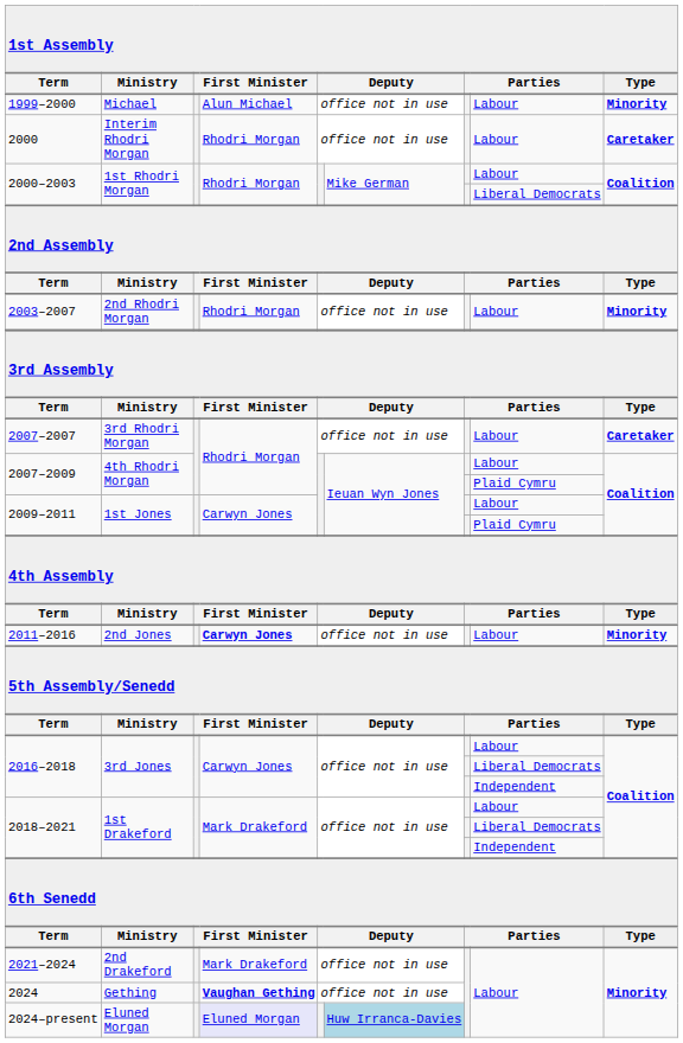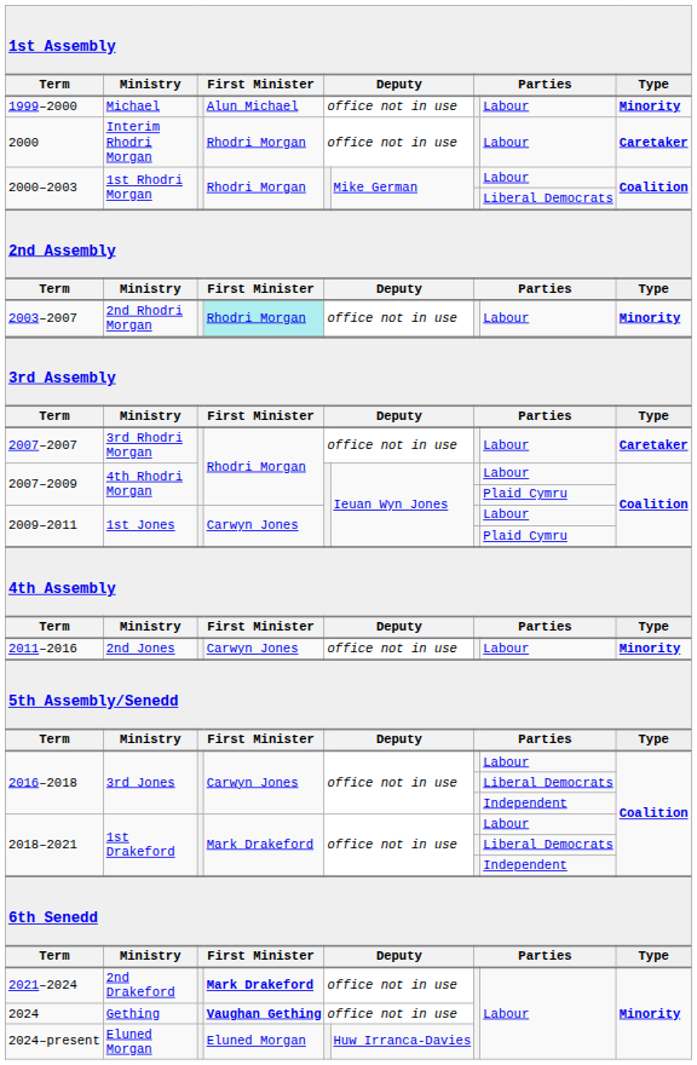 <table class="wikitable">
 <tr style="text-align: left; background: #efefef; border-bottom: 2px solid gray;">
 <td colspan="9"><br><h3><a href='#'>1st Assembly</a></h3></td>
 </tr>
 <tr style="text-align: center; background: #efefef; border-bottom: 2px solid gray;">
 <th>Term</th>
 <th style="width: 90px">Ministry</th>
 <th colspan="2">First Minister</th>
 <th colspan="2">Deputy</th>
 <th colspan="2">Parties</th>
 <td><strong>Type</strong></td>
 </tr>
 <tr>
 <td><a href='#'>1999</a>–2000</td>
 <td><a href='#'>Michael</a></td>
 <th style="background-color: "></th>
 <td><a href='#'>Alun Michael</a></td>
 <td colspan="2" style="background-color: white"><em>office not in use</em></td>
 <th style="background-color: "></th>
 <td><a href='#'>Labour</a></td>
 <td><strong><a href='#'>Minority</a></strong></td>
 </tr>
 <tr>
 <td>2000</td>
 <td><a href='#'>Interim Rhodri Morgan</a></td>
 <th style="background-color: "></th>
 <td><a href='#'>Rhodri Morgan</a></td>
 <td colspan="2" style="background-color: white"><em>office not in use</em></td>
 <th style="background-color: "></th>
 <td><a href='#'>Labour</a></td>
 <td><strong><a href='#'>Caretaker</a></strong></td>
 </tr>
 <tr>
 <td rowspan="2">2000–2003</td>
 <td rowspan="2"><a href='#'>1st Rhodri Morgan</a></td>
 <th rowspan="2" style="background-color: "></th>
 <td rowspan="2"><a href='#'>Rhodri Morgan</a></td>
 <th rowspan="2" style="background-color: "></th>
 <td rowspan="2"><a href='#'>Mike German</a></td>
 <th style="background-color: "></th>
 <td><a href='#'>Labour</a></td>
 <td rowspan="2"><strong><a href='#'>Coalition</a></strong></td>
 </tr>
 <tr style="border-bottom: 2px solid gray;">
 <th style="background-color: "></th>
 <td><a href='#'>Liberal Democrats</a></td>
 </tr>
 <tr style="text-align: left; background: #efefef; border-bottom: 2px solid gray;">
 <td colspan="9"><br><h3><a href='#'>2nd Assembly</a></h3></td>
 </tr>
 <tr style="text-align: center; background: #efefef; border-bottom: 2px solid gray;">
 <th>Term</th>
 <th style="width: 90px">Ministry</th>
 <th colspan="2">First Minister</th>
 <th colspan="2">Deputy</th>
 <th colspan="2">Parties</th>
 <td><strong>Type</strong></td>
 </tr>
 <tr style="border-bottom: 2px solid gray;">
 <td><a href='#'>2003</a>–2007</td>
 <td><a href='#'>2nd Rhodri Morgan</a></td>
 <th style="background-color: "></th>
-<td><a href='#'>Rhodri Morgan</a></td>
+<td style="background: paleturquoise;"><a href='#'>Rhodri Morgan</a></td>
 <td colspan="2" style="background-color: white"><em>office not in use</em></td>
 <th style="background-color: "></th>
 <td><a href='#'>Labour</a></td>
 <td><strong><a href='#'>Minority</a></strong></td>
 </tr>
 <tr style="border-bottom: 2px solid gray;">
 </tr>
 <tr style="text-align: left; background: #efefef; border-bottom: 2px solid gray;">
 <td colspan="9"><br><h3><a href='#'>3rd Assembly</a></h3></td>
 </tr>
 <tr style="text-align: center; background: #efefef; border-bottom: 2px solid gray;">
 <th>Term</th>
 <th style="width: 90px">Ministry</th>
 <th colspan="2">First Minister</th>
 <th colspan="2">Deputy</th>
 <th colspan="2">Parties</th>
 <td><strong>Type</strong></td>
 </tr>
 <tr>
 <td><a href='#'>2007</a>–2007</td>
 <td><a href='#'>3rd Rhodri Morgan</a></td>
 <th rowspan="3" style="background-color: "></th>
 <td rowspan="3"><a href='#'>Rhodri Morgan</a></td>
 <td colspan="2" style="background-color: white"><em>office not in use</em></td>
 <th style="background-color: "></th>
 <td><a href='#'>Labour</a></td>
 <td><strong><a href='#'>Caretaker</a></strong></td>
 </tr>
 <tr>
 <td rowspan="2">2007–2009</td>
 <td rowspan="2"><a href='#'>4th Rhodri Morgan</a></td>
 <th rowspan="4" style="background-color: "></th>
 <td rowspan="4"><a href='#'>Ieuan Wyn Jones</a></td>
 <th style="background-color: "></th>
 <td><a href='#'>Labour</a></td>
 <td rowspan="4"><strong><a href='#'>Coalition</a></strong></td>
 </tr>
 <tr>
 <th style="background-color: "></th>
 <td><a href='#'>Plaid Cymru</a></td>
 </tr>
 <tr>
 <td rowspan="2">2009–2011</td>
 <td rowspan="2"><a href='#'>1st Jones</a></td>
 <th rowspan="2" style="background-color: "></th>
 <td rowspan="2"><a href='#'>Carwyn Jones</a></td>
 <th style="background-color: "></th>
 <td><a href='#'>Labour</a></td>
 </tr>
 <tr style="border-bottom: 2px solid gray;">
 <th style="background-color: "></th>
 <td><a href='#'>Plaid Cymru</a></td>
 </tr>
 <tr style="text-align: left; background: #efefef; border-bottom: 2px solid gray;">
 <td colspan="9"><br><h3><a href='#'>4th Assembly</a></h3></td>
 </tr>
 <tr style="text-align: center; background: #efefef; border-bottom: 2px solid gray;">
 <th>Term</th>
 <th style="width: 90px">Ministry</th>
 <th colspan="2">First Minister</th>
 <th colspan="2">Deputy</th>
 <th colspan="2">Parties</th>
 <td><strong>Type</strong></td>
 </tr>
 <tr style="border-bottom: 2px solid gray;">
 <td><a href='#'>2011</a>–2016</td>
 <td><a href='#'>2nd Jones</a></td>
 <th style="background-color: "></th>
-<td><strong><a href='#'>Carwyn Jones</a></strong></td>
+<td><a href='#'>Carwyn Jones</a></td>
 <td colspan="2" style="background-color: white"><em>office not in use</em></td>
 <th style="background-color: "></th>
 <td><a href='#'>Labour</a></td>
 <td><strong><a href='#'>Minority</a></strong></td>
 </tr>
 <tr style="text-align: left; background: #efefef; border-bottom: 2px solid gray;">
 <td colspan="9"><br><h3><a href='#'>5th Assembly/Senedd</a></h3></td>
 </tr>
 <tr style="text-align: center; background: #efefef; border-bottom: 2px solid gray;">
 <th>Term</th>
 <th style="width: 90px">Ministry</th>
 <th colspan="2">First Minister</th>
 <th colspan="2">Deputy</th>
 <th colspan="2">Parties</th>
 <td><strong>Type</strong></td>
 </tr>
 <tr>
 <td rowspan="3"><a href='#'>2016</a>–2018</td>
 <td rowspan="3"><a href='#'>3rd Jones</a></td>
 <th rowspan="3" style="background-color: "></th>
 <td rowspan="3"><a href='#'>Carwyn Jones</a></td>
 <td rowspan="3" colspan="2" style="background-color: white"><em>office not in use</em></td>
 <th style="background-color: "></th>
 <td><a href='#'>Labour</a></td>
 <td rowspan="6"><strong><a href='#'>Coalition</a></strong></td>
 </tr>
 <tr>
 <th style="background-color: "></th>
 <td><a href='#'>Liberal Democrats</a></td>
 </tr>
 <tr>
 <th style="background-color: "></th>
 <td><a href='#'>Independent</a> </td>
 </tr>
 <tr>
 <td rowspan="3">2018–2021</td>
 <td rowspan="3"><a href='#'>1st Drakeford</a></td>
 <th rowspan="3" style="background-color: "></th>
 <td rowspan="3"><a href='#'>Mark Drakeford</a></td>
 <td rowspan="3" colspan="2" style="background-color: white"><em>office not in use</em></td>
 <th style="background-color: "></th>
 <td><a href='#'>Labour</a></td>
 </tr>
 <tr>
 <th style="background-color: "></th>
 <td><a href='#'>Liberal Democrats</a></td>
 </tr>
 <tr style="border-bottom: 2px solid gray;">
 <th style="background-color: "></th>
 <td><a href='#'>Independent</a></td>
 </tr>
 <tr style="text-align: left; background: #efefef; border-bottom: 2px solid gray;">
 <td colspan="9"><br><h3><a href='#'>6th Senedd</a></h3></td>
 </tr>
 <tr style="text-align: center; background: #efefef; border-bottom: 2px solid gray;">
 <th>Term</th>
 <th style="width: 90px">Ministry</th>
 <th colspan="2">First Minister</th>
 <th colspan="2">Deputy</th>
 <th colspan="2">Parties</th>
 <td><strong>Type</strong></td>
 </tr>
 <tr>
 <td><a href='#'>2021</a>–2024</td>
 <td><a href='#'>2nd Drakeford</a></td>
 <th style="background-color: "></th>
-<td><a href='#'>Mark Drakeford</a></td>
+<td><strong><a href='#'>Mark Drakeford</a></strong></td>
 <td colspan="2" style="background-color: white"><em>office not in use</em></td>
 <th rowspan="3" style="background-color: "></th>
 <td rowspan="3"><a href='#'>Labour</a></td>
 <td rowspan="3"><strong><a href='#'>Minority</a></strong></td>
 </tr>
 <tr>
 <td>2024</td>
 <td><a href='#'>Gething</a></td>
 <th style="background-color: "></th>
 <td><strong><a href='#'>Vaughan Gething</a></strong></td>
 <td colspan="2" style="background-color: white"><em>office not in use</em></td>
 </tr>
 <tr>
 <td>2024–present</td>
 <td><a href='#'>Eluned Morgan</a></td>
 <th style="background-color: "></th>
-<td style="background: lavender;"><a href='#'>Eluned Morgan</a></td>
+<td><a href='#'>Eluned Morgan</a></td>
 <th rowspan="2" style="background-color: "></th>
-<td style="background: lightblue;"><a href='#'>Huw Irranca-Davies</a></td>
+<td><a href='#'>Huw Irranca-Davies</a></td>
 </tr>
 </table>
